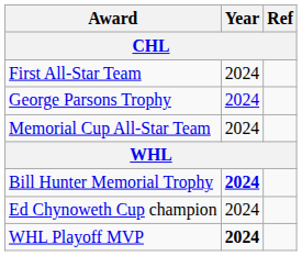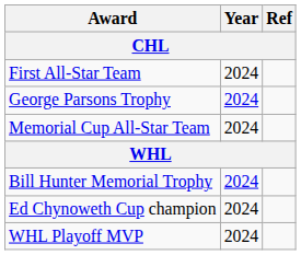 <table class="wikitable">
 <tr>
 <th>Award</th>
 <th>Year</th>
 <th>Ref</th>
 </tr>
 <tr ALIGN="center" bgcolor="#e0e0e0">
 <th colspan="4"><a href='#'>CHL</a></th>
 </tr>
 <tr>
 <td><a href='#'>First All-Star Team</a></td>
 <td>2024</td>
 <td></td>
 </tr>
 <tr>
 <td><a href='#'>George Parsons Trophy</a></td>
 <td><a href='#'>2024</a></td>
 <td></td>
 </tr>
 <tr>
 <td><a href='#'>Memorial Cup All-Star Team</a></td>
 <td>2024</td>
 <td></td>
 </tr>
 <tr ALIGN="center" bgcolor="#e0e0e0">
 <th colspan="4"><a href='#'>WHL</a></th>
 </tr>
 <tr>
 <td><a href='#'>Bill Hunter Memorial Trophy</a></td>
-<td><strong><a href='#'>2024</a></strong></td>
+<td><a href='#'>2024</a></td>
 <td></td>
 </tr>
 <tr>
 <td><a href='#'>Ed Chynoweth Cup</a> champion</td>
 <td>2024</td>
 <td></td>
 </tr>
 <tr>
 <td><a href='#'>WHL Playoff MVP</a></td>
-<td><strong>2024</strong></td>
+<td>2024</td>
 <td></td>
 </tr>
 </table>
